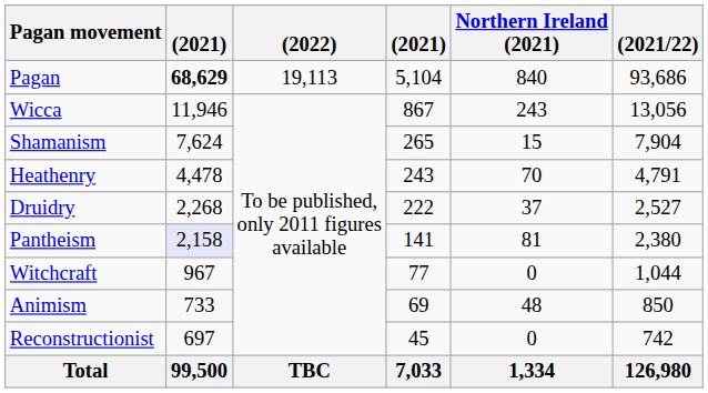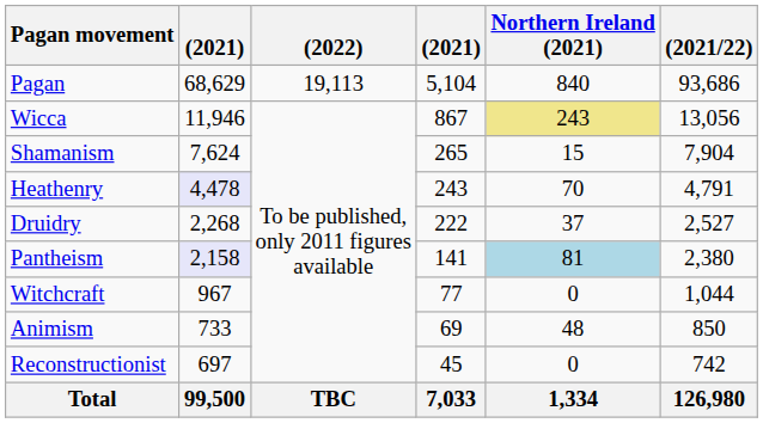 <table class="wikitable sortable" style="text-align:center">
 <tr>
 <th class="unsortable">Pagan movement</th>
 <th><br> (2021)</th>
 <th> <br> (2022)</th>
 <th> <br> (2021)</th>
 <th><a href='#'>Northern Ireland</a> <br> (2021)</th>
 <th><br> (2021/22)</th>
 </tr>
 <tr>
 <td style="text-align:left;"><a href='#'>Pagan</a></td>
-<td><strong>68,629</strong></td>
+<td>68,629</td>
 <td>19,113</td>
 <td>5,104</td>
 <td>840</td>
 <td>93,686</td>
 </tr>
 <tr>
 <td style="text-align:left;"><a href='#'>Wicca</a></td>
 <td>11,946</td>
 <td rowspan="8">To be published,<br> only 2011 figures<br> available</td>
 <td>867</td>
-<td>243</td>
+<td style="background: khaki;">243</td>
 <td>13,056</td>
 </tr>
 <tr>
 <td style="text-align:left;"><a href='#'>Shamanism</a></td>
 <td>7,624</td>
 <td>265</td>
 <td>15</td>
 <td>7,904</td>
 </tr>
 <tr>
 <td style="text-align:left;"><a href='#'>Heathenry</a></td>
-<td>4,478</td>
+<td style="background: lavender;">4,478</td>
 <td>243</td>
 <td>70</td>
 <td>4,791</td>
 </tr>
 <tr>
 <td style="text-align:left;"><a href='#'>Druidry</a></td>
 <td>2,268</td>
 <td>222</td>
 <td>37</td>
 <td>2,527</td>
 </tr>
 <tr>
 <td style="text-align:left;"><a href='#'>Pantheism</a></td>
 <td style="background: lavender;">2,158</td>
 <td>141</td>
-<td>81</td>
+<td style="background: lightblue;">81</td>
 <td>2,380</td>
 </tr>
 <tr>
 <td style="text-align:left;"><a href='#'>Witchcraft</a></td>
 <td>967</td>
 <td>77</td>
 <td>0</td>
 <td>1,044</td>
 </tr>
 <tr>
 <td style="text-align:left;"><a href='#'>Animism</a></td>
 <td>733</td>
 <td>69</td>
 <td>48</td>
 <td>850</td>
 </tr>
 <tr>
 <td style="text-align:left;"><a href='#'>Reconstructionist</a></td>
 <td>697</td>
 <td>45</td>
 <td>0</td>
 <td>742</td>
 </tr>
 <tr>
 <th>Total</th>
 <th>99,500</th>
 <th>TBC</th>
 <th>7,033</th>
 <th>1,334</th>
 <th>126,980</th>
 </tr>
 </table>
